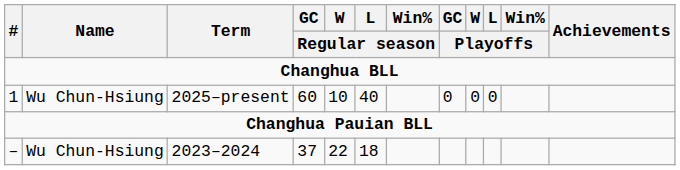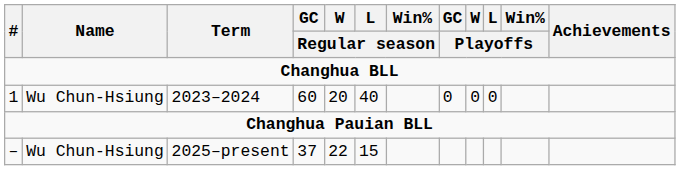 <table class="wikitable sortable">
 <tr>
 <th rowspan="2">#</th>
 <th rowspan="2">Name</th>
 <th rowspan="2">Term</th>
 <th>GC</th>
 <th>W</th>
 <th>L</th>
 <th>Win%</th>
 <th>GC</th>
 <th>W</th>
 <th>L</th>
 <th>Win%</th>
 <th rowspan="2" class=unsortable>Achievements</th>
 </tr>
 <tr class="unsortable">
 <th colspan="4">Regular season</th>
 <th colspan="4">Playoffs</th>
 </tr>
 <tr>
 <td align=center colspan="15"><strong>Changhua BLL</strong></td>
 </tr>
 <tr>
 <td align=center>1</td>
 <td>Wu Chun-Hsiung</td>
-<td>2025–present</td>
+<td>2023–2024</td>
 <td>60</td>
-<td>10</td>
+<td>20</td>
 <td>40</td>
 <td></td>
 <td>0</td>
 <td>0</td>
 <td>0</td>
 <td></td>
 <td></td>
 </tr>
 <tr>
 <td align=center colspan="15"><strong>Changhua Pauian BLL</strong></td>
 </tr>
 <tr>
 <td align=center>–</td>
 <td>Wu Chun-Hsiung</td>
-<td>2023–2024</td>
+<td>2025–present</td>
 <td>37</td>
 <td>22</td>
-<td>18</td>
+<td>15</td>
 <td></td>
 <td></td>
 <td></td>
 <td></td>
 <td></td>
 <td></td>
 </tr>
 </table>
